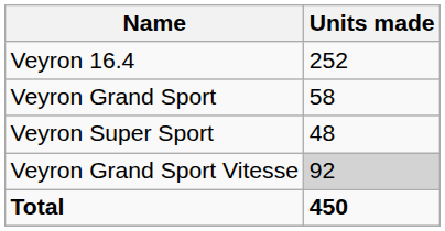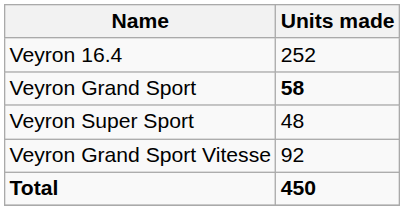 <table class="wikitable">
 <tr>
 <th>Name</th>
 <th colspan="2">Units made</th>
 </tr>
 <tr>
 <td>Veyron 16.4</td>
 <td>252</td>
 </tr>
 <tr>
 <td>Veyron Grand Sport</td>
-<td>58</td>
+<td><strong>58</strong></td>
 </tr>
 <tr>
 <td>Veyron Super Sport</td>
 <td>48</td>
 </tr>
 <tr>
 <td>Veyron Grand Sport Vitesse</td>
-<td style="background: lightgrey;">92</td>
+<td>92</td>
 </tr>
 <tr>
 <td><strong>Total</strong></td>
 <td><strong>450</strong></td>
 </tr>
 <tr>
 </tr>
 </table>
